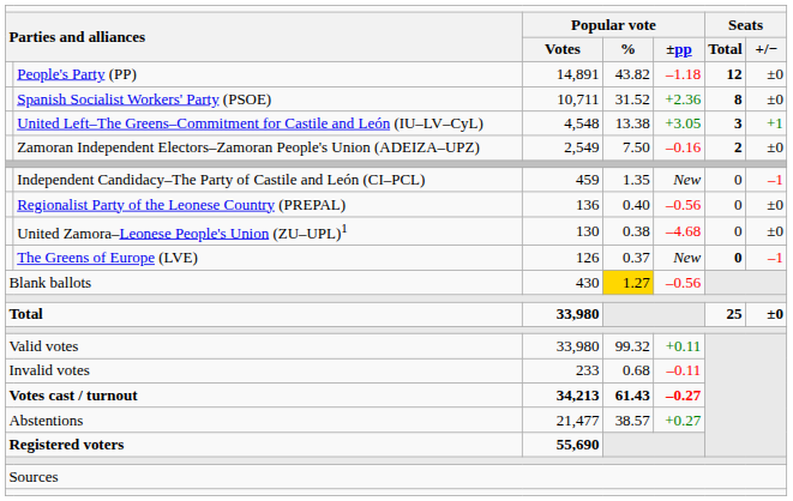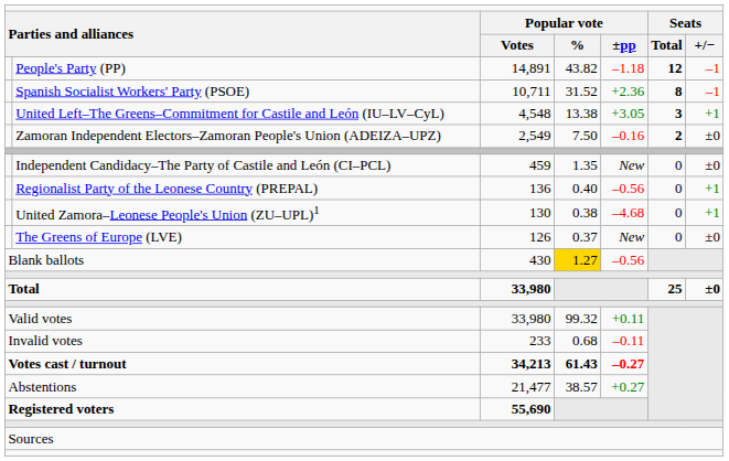 <table class="wikitable" style="text-align:right;">
 <tr>
 <td colspan="7"></td>
 </tr>
 <tr>
 <th style="text-align:left;" rowspan="2" colspan="2" width="525">Parties and alliances</th>
 <th colspan="3">Popular vote</th>
 <th colspan="2">Seats</th>
 </tr>
 <tr>
 <th width="75">Votes</th>
 <th width="45">%</th>
 <th width="45">±<a href='#'>pp</a></th>
 <th width="35">Total</th>
 <th width="35">+/−</th>
 </tr>
 <tr>
 <td width="1" style="color:inherit;background:"></td>
 <td align="left"><a href='#'>People's Party</a> (PP)</td>
 <td>14,891</td>
 <td>43.82</td>
 <td style="color:red;">–1.18</td>
 <td><strong>12</strong></td>
-<td>±0</td>
+<td style="color:red;">–1</td>
 </tr>
 <tr>
 <td style="color:inherit;background:"></td>
 <td align="left"><a href='#'>Spanish Socialist Workers' Party</a> (PSOE)</td>
 <td>10,711</td>
 <td>31.52</td>
 <td style="color:green;">+2.36</td>
 <td><strong>8</strong></td>
-<td>±0</td>
+<td style="color:red;">–1</td>
 </tr>
 <tr>
 <td style="color:inherit;background:"></td>
 <td align="left"><a href='#'>United Left–The Greens–Commitment for Castile and León</a> (IU–LV–CyL)</td>
 <td>4,548</td>
 <td>13.38</td>
 <td style="color:green;">+3.05</td>
 <td><strong>3</strong></td>
 <td style="color:green;">+1</td>
 </tr>
 <tr>
 <td style="color:inherit;background:"></td>
 <td align="left">Zamoran Independent Electors–Zamoran People's Union (ADEIZA–UPZ)</td>
 <td>2,549</td>
 <td>7.50</td>
 <td style="color:red;">–0.16</td>
 <td><strong>2</strong></td>
 <td>±0</td>
 </tr>
 <tr>
 <td colspan="7" bgcolor="#C0C0C0"></td>
 </tr>
 <tr>
 <td style="color:inherit;background:"></td>
 <td align="left">Independent Candidacy–The Party of Castile and León (CI–PCL)</td>
 <td>459</td>
 <td>1.35</td>
 <td><em>New</em></td>
 <td>0</td>
-<td style="color:red;">–1</td>
+<td>±0</td>
 </tr>
 <tr>
 <td style="color:inherit;background:"></td>
 <td align="left"><a href='#'>Regionalist Party of the Leonese Country</a> (PREPAL)</td>
 <td>136</td>
 <td>0.40</td>
 <td style="color:red;">–0.56</td>
 <td>0</td>
-<td>±0</td>
+<td style="color:green;">+1</td>
 </tr>
 <tr>
 <td style="color:inherit;background:"></td>
 <td align="left">United Zamora–<a href='#'>Leonese People's Union</a> (ZU–UPL)<sup>1</sup></td>
 <td>130</td>
 <td>0.38</td>
 <td style="color:red;">–4.68</td>
 <td>0</td>
-<td>±0</td>
+<td style="color:green;">+1</td>
 </tr>
 <tr>
 <td style="color:inherit;background:"></td>
 <td align="left"><a href='#'>The Greens of Europe</a> (LVE)</td>
 <td>126</td>
 <td>0.37</td>
 <td><em>New</em></td>
-<td><strong>0</strong></td>
-<td style="color:red;">–1</td>
+<td>0</td>
+<td>±0</td>
 </tr>
 <tr>
 <td align="left" colspan="2">Blank ballots</td>
 <td>430</td>
 <td style="background: gold;">1.27</td>
 <td style="color:red;">–0.56</td>
 <td bgcolor="#E9E9E9" colspan="2"></td>
 </tr>
 <tr>
 <td colspan="7" bgcolor="#E9E9E9"></td>
 </tr>
 <tr style="font-weight:bold;">
 <td align="left" colspan="2">Total</td>
 <td>33,980</td>
 <td bgcolor="#E9E9E9" colspan="2"></td>
 <td>25</td>
 <td>±0</td>
 </tr>
 <tr>
 <td colspan="7" bgcolor="#E9E9E9"></td>
 </tr>
 <tr>
 <td align="left" colspan="2">Valid votes</td>
 <td>33,980</td>
 <td>99.32</td>
 <td style="color:green;">+0.11</td>
 <td bgcolor="#E9E9E9" colspan="2" rowspan="5"></td>
 </tr>
 <tr>
 <td align="left" colspan="2">Invalid votes</td>
 <td>233</td>
 <td>0.68</td>
 <td style="color:red;">–0.11</td>
 </tr>
 <tr style="font-weight:bold;">
 <td align="left" colspan="2">Votes cast / turnout</td>
 <td>34,213</td>
 <td>61.43</td>
 <td style="color:red;">–0.27</td>
 </tr>
 <tr>
 <td align="left" colspan="2">Abstentions</td>
 <td>21,477</td>
 <td>38.57</td>
 <td style="color:green;">+0.27</td>
 </tr>
 <tr style="font-weight:bold;">
 <td align="left" colspan="2">Registered voters</td>
 <td>55,690</td>
 <td bgcolor="#E9E9E9" colspan="2"></td>
 </tr>
 <tr>
 <td colspan="7" bgcolor="#E9E9E9"></td>
 </tr>
 <tr>
 <td align="left" colspan="7">Sources</td>
 </tr>
 <tr>
 <td colspan="7" style="text-align:left; max-width:790px;"></td>
 </tr>
 </table>
